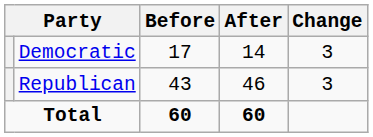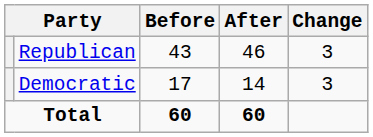 <table class="wikitable" style="text-align:center;">
 <tr>
 <th colspan="2">Party</th>
 <th>Before</th>
 <th>After</th>
 <th>Change</th>
 </tr>
 <tr>
 <th style="background-color:"></th>
-<td style="text-align:left;"><a href='#'>Democratic</a></td>
-<td>17</td>
-<td>14</td>
+<td style="text-align:left;"><a href='#'>Republican</a></td>
+<td>43</td>
+<td>46</td>
 <td> 3</td>
 </tr>
 <tr>
 <th style="background-color:"></th>
-<td style="text-align:left;"><a href='#'>Republican</a></td>
-<td>43</td>
-<td>46</td>
+<td style="text-align:left;"><a href='#'>Democratic</a></td>
+<td>17</td>
+<td>14</td>
 <td> 3</td>
 </tr>
 <tr>
 <td colspan="2"><strong>Total</strong></td>
 <td><strong>60</strong></td>
 <td><strong>60</strong></td>
 <td></td>
 </tr>
 </table>
